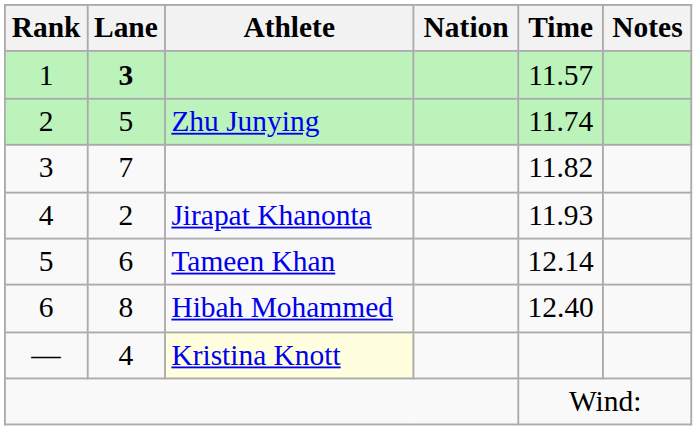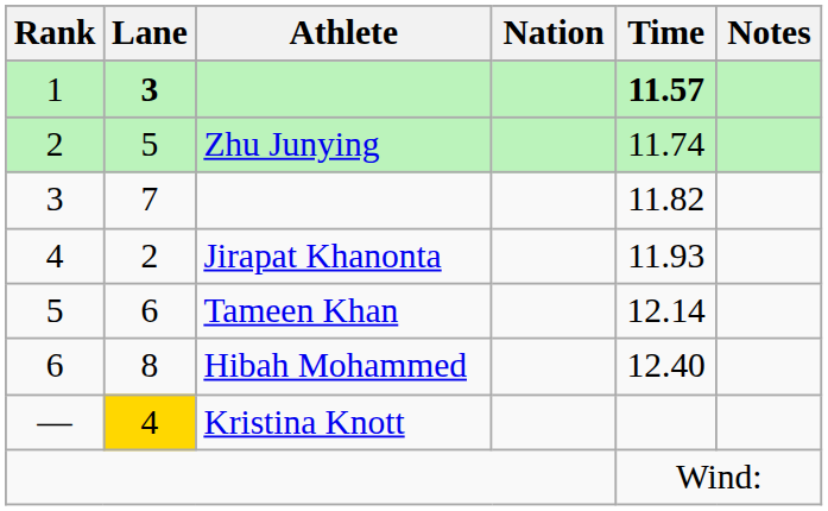 <table class="wikitable sortable" style="text-align:center;width: 60%;">
 <tr>
 <th scope="col" style="width: 10px;">Rank</th>
 <th scope="col" style="width: 10px;">Lane</th>
 <th scope="col">Athlete</th>
 <th scope="col">Nation</th>
 <th scope="col">Time</th>
 <th scope="col">Notes</th>
 </tr>
 <tr bgcolor=bbf3bb>
 <td>1</td>
 <td><strong>3</strong></td>
 <td align="left"></td>
 <td align="left"></td>
-<td>11.57</td>
+<td><strong>11.57</strong></td>
 <td></td>
 </tr>
 <tr bgcolor=bbf3bb>
 <td>2</td>
 <td>5</td>
 <td align="left"><a href='#'>Zhu Junying</a></td>
 <td align="left"></td>
 <td>11.74</td>
 <td></td>
 </tr>
 <tr>
 <td>3</td>
 <td>7</td>
 <td align="left"></td>
 <td align="left"></td>
 <td>11.82</td>
 <td></td>
 </tr>
 <tr>
 <td>4</td>
 <td>2</td>
 <td align="left"><a href='#'>Jirapat Khanonta</a></td>
 <td align="left"></td>
 <td>11.93</td>
 <td></td>
 </tr>
 <tr>
 <td>5</td>
 <td>6</td>
 <td align=left><a href='#'>Tameen Khan</a></td>
 <td align=left></td>
 <td>12.14</td>
 <td></td>
 </tr>
 <tr>
 <td>6</td>
 <td>8</td>
 <td align="left"><a href='#'>Hibah Mohammed</a></td>
 <td align="left"></td>
 <td>12.40</td>
 <td></td>
 </tr>
 <tr>
 <td>—</td>
-<td>4</td>
-<td align="left" style="background: lightyellow;"><a href='#'>Kristina Knott</a></td>
+<td style="background: gold;">4</td>
+<td align="left"><a href='#'>Kristina Knott</a></td>
 <td align="left"></td>
 <td></td>
 <td></td>
 </tr>
 <tr class="sortbottom">
 <td colspan="4"></td>
 <td colspan="2">Wind: </td>
 </tr>
 </table>
